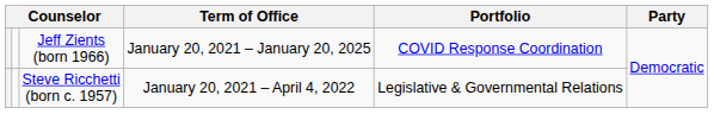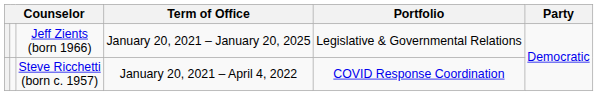 <table class="wikitable sortable" style="text-align:center">
 <tr>
 <th colspan="3">Counselor</th>
 <th>Term of Office</th>
 <th>Portfolio</th>
 <th>Party</th>
 </tr>
 <tr>
 <th style="background:"></th>
 <td></td>
 <td><a href='#'>Jeff Zients</a><br>(born 1966)</td>
 <td>January 20, 2021 – January 20, 2025</td>
-<td><a href='#'>COVID Response Coordination</a></td>
+<td>Legislative & Governmental Relations</td>
 <td rowspan="2"><a href='#'>Democratic</a></td>
 </tr>
 <tr>
 <th style="background:"></th>
 <td></td>
 <td><a href='#'>Steve Ricchetti</a><br>(born c. 1957)</td>
 <td>January 20, 2021 – April 4, 2022</td>
-<td>Legislative & Governmental Relations</td>
+<td><a href='#'>COVID Response Coordination</a></td>
 </tr>
 </table>
